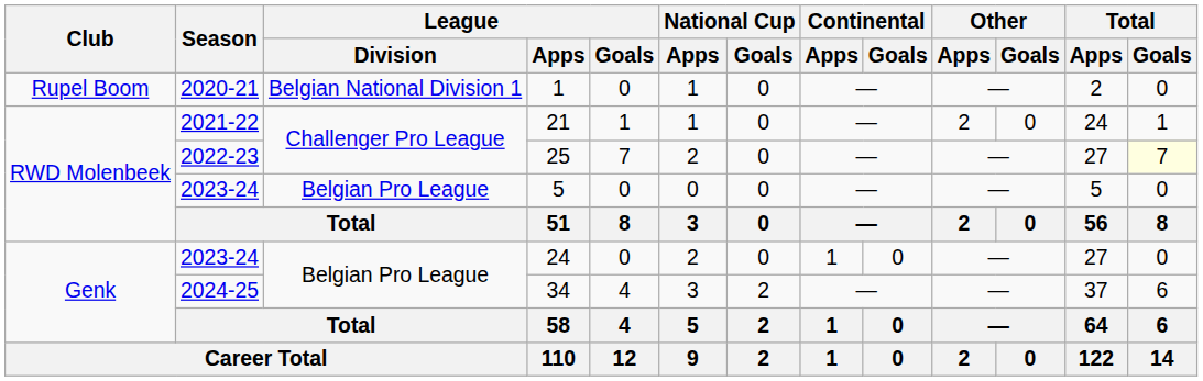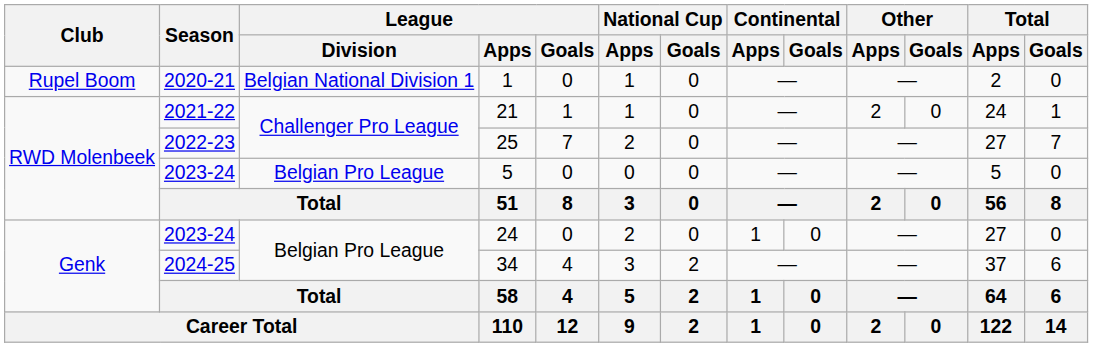 <table class="wikitable" style="text-align: center">
 <tr>
 <th rowspan="2">Club</th>
 <th rowspan="2">Season</th>
 <th colspan="3">League</th>
 <th colspan="2">National Cup</th>
 <th colspan="2">Continental</th>
 <th colspan="2">Other</th>
 <th colspan="2">Total</th>
 </tr>
 <tr>
 <th>Division</th>
 <th>Apps</th>
 <th>Goals</th>
 <th>Apps</th>
 <th>Goals</th>
 <th>Apps</th>
 <th>Goals</th>
 <th>Apps</th>
 <th>Goals</th>
 <th>Apps</th>
 <th>Goals</th>
 </tr>
 <tr>
 <td><a href='#'>Rupel Boom</a></td>
 <td><a href='#'>2020-21</a></td>
 <td><a href='#'>Belgian National Division 1</a></td>
 <td>1</td>
 <td>0</td>
 <td>1</td>
 <td>0</td>
 <td colspan="2">—</td>
 <td colspan="2">—</td>
 <td>2</td>
 <td>0</td>
 </tr>
 <tr>
 <td rowspan="4"><a href='#'>RWD Molenbeek</a></td>
 <td><a href='#'>2021-22</a></td>
 <td rowspan="2"><a href='#'>Challenger Pro League</a></td>
 <td>21</td>
 <td>1</td>
 <td>1</td>
 <td>0</td>
 <td colspan="2">—</td>
 <td>2</td>
 <td>0</td>
 <td>24</td>
 <td>1</td>
 </tr>
 <tr>
 <td><a href='#'>2022-23</a></td>
 <td>25</td>
 <td>7</td>
 <td>2</td>
 <td>0</td>
 <td colspan="2">—</td>
 <td colspan="2">—</td>
 <td>27</td>
-<td style="background: lightyellow;">7</td>
+<td>7</td>
 </tr>
 <tr>
 <td><a href='#'>2023-24</a></td>
 <td><a href='#'>Belgian Pro League</a></td>
 <td>5</td>
 <td>0</td>
 <td>0</td>
 <td>0</td>
 <td colspan="2">—</td>
 <td colspan="2">—</td>
 <td>5</td>
 <td>0</td>
 </tr>
 <tr>
 <th colspan="2">Total</th>
 <th>51</th>
 <th>8</th>
 <th>3</th>
 <th>0</th>
 <th colspan="2">—</th>
 <th>2</th>
 <th>0</th>
 <th>56</th>
 <th>8</th>
 </tr>
 <tr>
 <td rowspan="3"><a href='#'>Genk</a></td>
 <td><a href='#'>2023-24</a></td>
 <td rowspan="2">Belgian Pro League</td>
 <td>24</td>
 <td>0</td>
 <td>2</td>
 <td>0</td>
 <td>1</td>
 <td>0</td>
 <td colspan="2">—</td>
 <td>27</td>
 <td>0</td>
 </tr>
 <tr>
 <td><a href='#'>2024-25</a></td>
 <td>34</td>
 <td>4</td>
 <td>3</td>
 <td>2</td>
 <td colspan="2">—</td>
 <td colspan="2">—</td>
 <td>37</td>
 <td>6</td>
 </tr>
 <tr>
 <th colspan="2">Total</th>
 <th>58</th>
 <th>4</th>
 <th>5</th>
 <th>2</th>
 <th>1</th>
 <th>0</th>
 <th colspan="2">—</th>
 <th>64</th>
 <th>6</th>
 </tr>
 <tr>
 <th colspan="3">Career Total</th>
 <th>110</th>
 <th>12</th>
 <th>9</th>
 <th>2</th>
 <th>1</th>
 <th>0</th>
 <th>2</th>
 <th>0</th>
 <th>122</th>
 <th>14</th>
 </tr>
 </table>
